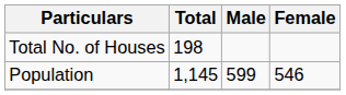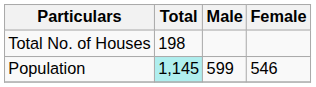 <table class="wikitable sortable">
 <tr>
 <th>Particulars</th>
 <th>Total</th>
 <th>Male</th>
 <th>Female</th>
 </tr>
 <tr>
 <td>Total No. of Houses</td>
 <td>198</td>
 <td></td>
 <td></td>
 </tr>
 <tr>
 <td>Population</td>
-<td>1,145</td>
+<td style="background: paleturquoise;">1,145</td>
 <td>599</td>
 <td>546</td>
 </tr>
 <tr>
 </tr>
 </table>
